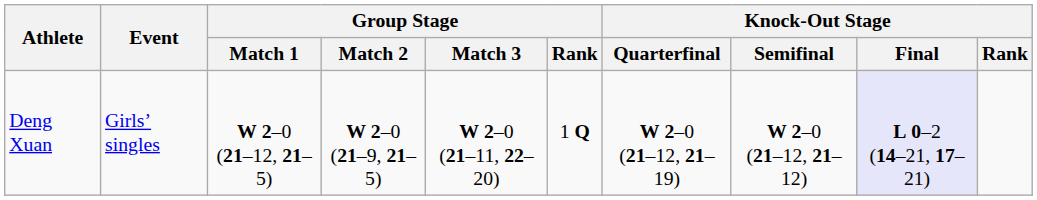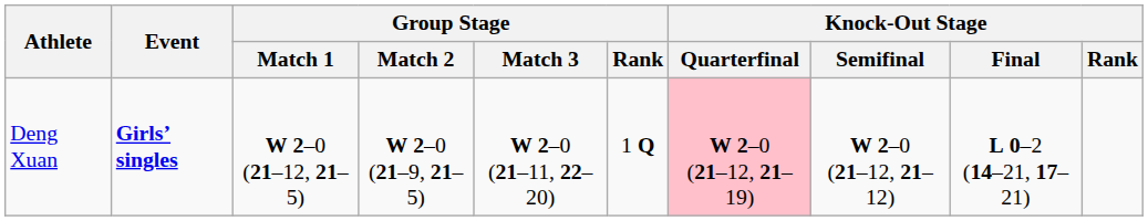 <table class="wikitable" width="85%" style="text-align:left; font-size:90%">
 <tr>
 <th rowspan=2>Athlete</th>
 <th rowspan=2>Event</th>
 <th colspan=4>Group Stage</th>
 <th colspan=4>Knock-Out Stage</th>
 </tr>
 <tr>
 <th>Match 1</th>
 <th>Match 2</th>
 <th>Match 3</th>
 <th>Rank</th>
 <th>Quarterfinal</th>
 <th>Semifinal</th>
 <th>Final</th>
 <th>Rank</th>
 </tr>
 <tr>
 <td><a href='#'>Deng Xuan</a></td>
-<td><a href='#'>Girls’ singles</a></td>
+<td><strong><a href='#'>Girls’ singles</a></strong></td>
 <td align=center> <br><br><strong>W</strong> <strong>2</strong>–0 <br> (<strong>21</strong>–12, <strong>21</strong>–5)</td>
 <td align=center> <br><br><strong>W</strong> <strong>2</strong>–0 <br> (<strong>21</strong>–9, <strong>21</strong>–5)</td>
 <td align=center> <br><br><strong>W</strong> <strong>2</strong>–0 <br> (<strong>21</strong>–11, <strong>22</strong>–20)</td>
 <td align=center>1 <strong>Q</strong></td>
-<td align=center> <br><br><strong>W</strong> <strong>2</strong>–0 <br> (<strong>21</strong>–12, <strong>21</strong>–19)</td>
+<td align=center style="background: pink;"> <br><br><strong>W</strong> <strong>2</strong>–0 <br> (<strong>21</strong>–12, <strong>21</strong>–19)</td>
 <td align=center> <br><br><strong>W</strong> <strong>2</strong>–0 <br> (<strong>21</strong>–12, <strong>21</strong>–12)</td>
-<td align=center style="background: lavender;"> <br><br><strong>L</strong> <strong>0</strong>–2 <br> (<strong>14</strong>–21, <strong>17</strong>–21)</td>
+<td align=center> <br><br><strong>L</strong> <strong>0</strong>–2 <br> (<strong>14</strong>–21, <strong>17</strong>–21)</td>
 <td align=center></td>
 </tr>
 </table>
